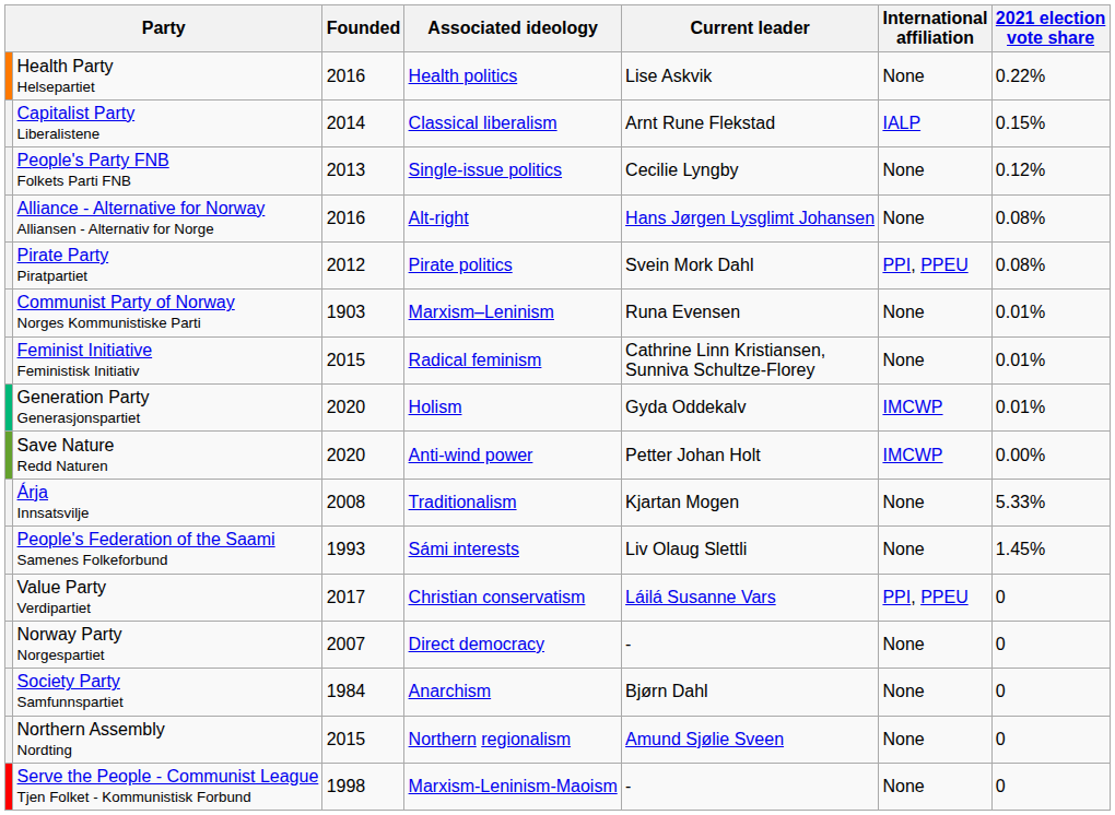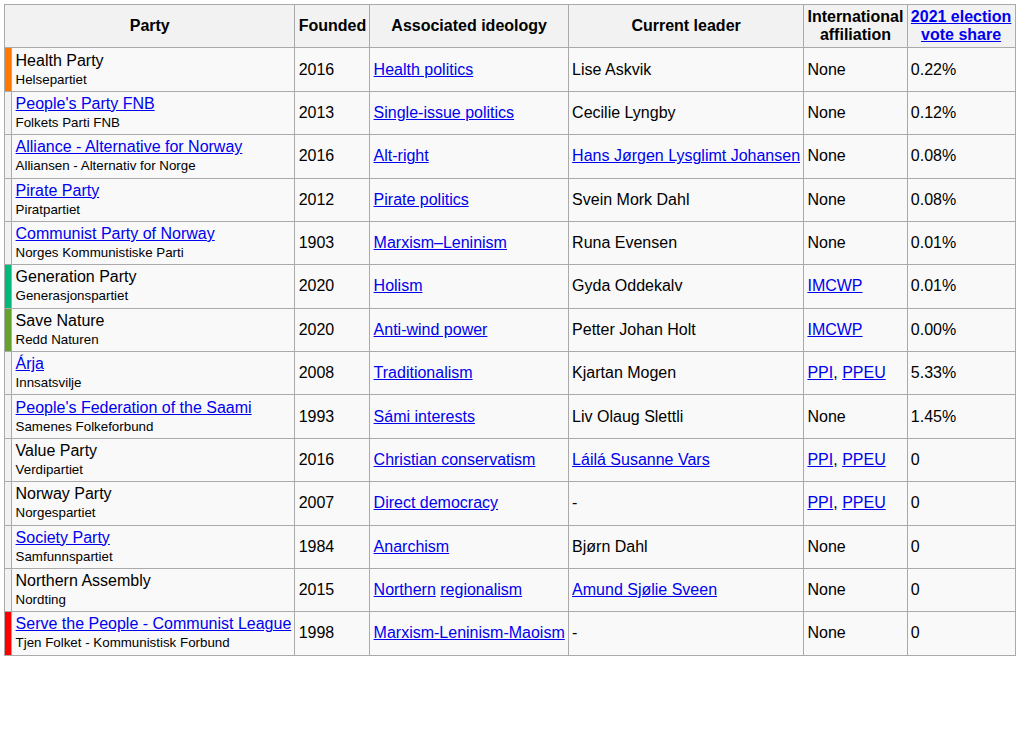 <table class="wikitable sortable">
 <tr>
 <th colspan="2">Party</th>
 <th>Founded</th>
 <th>Associated ideology</th>
 <th>Current leader</th>
 <th>International<br>affiliation</th>
 <th><a href='#'>2021 election<br>vote share</a></th>
 </tr>
 <tr>
 <th style="background-color:#FF7900"></th>
 <td>Health Party<br><small>Helsepartiet</small></td>
 <td>2016</td>
 <td><a href='#'>Health politics</a></td>
 <td>Lise Askvik</td>
 <td>None</td>
 <td>0.22%</td>
-</tr>
-<tr>
-<th style="background-color: "></th>
-<td><a href='#'>Capitalist Party</a><br><small>Liberalistene</small></td>
-<td>2014</td>
-<td><a href='#'>Classical liberalism</a></td>
-<td>Arnt Rune Flekstad</td>
-<td><a href='#'>IALP</a></td>
-<td>0.15%</td>
 </tr>
 <tr>
 <th style="background-color: "></th>
 <td><a href='#'>People's Party FNB</a><br><small>Folkets Parti FNB</small></td>
 <td>2013</td>
 <td><a href='#'>Single-issue politics</a></td>
 <td>Cecilie Lyngby</td>
 <td>None</td>
 <td>0.12%</td>
 </tr>
 <tr>
 <th style="background-color: "></th>
 <td><a href='#'>Alliance - Alternative for Norway</a><br><small>Alliansen - Alternativ for Norge</small></td>
 <td>2016</td>
 <td><a href='#'>Alt-right</a></td>
 <td><a href='#'>Hans Jørgen Lysglimt Johansen</a></td>
 <td>None</td>
 <td>0.08%</td>
 </tr>
 <tr>
 <th style="background-color: "></th>
 <td><a href='#'>Pirate Party</a><br><small>Piratpartiet</small></td>
 <td>2012</td>
 <td><a href='#'>Pirate politics</a></td>
 <td>Svein Mork Dahl</td>
-<td><a href='#'>PPI</a>, <a href='#'>PPEU</a></td>
+<td>None</td>
 <td>0.08%</td>
 </tr>
 <tr>
 <th style="background-color: "></th>
 <td><a href='#'>Communist Party of Norway</a><br><small>Norges Kommunistiske Parti</small></td>
 <td>1903</td>
 <td><a href='#'>Marxism–Leninism</a></td>
 <td>Runa Evensen</td>
-<td>None</td>
-<td>0.01%</td>
-</tr>
-<tr>
-<th style="background-color: "></th>
-<td><a href='#'>Feminist Initiative</a><br><small>Feministisk Initiativ</small></td>
-<td>2015</td>
-<td><a href='#'>Radical feminism</a></td>
-<td>Cathrine Linn Kristiansen,<br>Sunniva Schultze-Florey</td>
 <td>None</td>
 <td>0.01%</td>
 </tr>
 <tr>
 <th style="background-color:#00B878"></th>
 <td>Generation Party<br><small>Generasjonspartiet</small></td>
 <td>2020</td>
 <td><a href='#'>Holism</a></td>
 <td>Gyda Oddekalv</td>
 <td><a href='#'>IMCWP</a></td>
 <td>0.01%</td>
 </tr>
 <tr>
 <th style="background-color:#64A12D"></th>
 <td>Save Nature<br><small>Redd Naturen</small></td>
 <td>2020</td>
 <td><a href='#'>Anti-wind power</a></td>
 <td>Petter Johan Holt</td>
 <td><a href='#'>IMCWP</a></td>
 <td>0.00%</td>
 </tr>
 <tr>
 <th style="background-color: "></th>
 <td><a href='#'>Árja</a><br><small>Innsatsvilje</small></td>
 <td>2008</td>
 <td><a href='#'>Traditionalism</a></td>
 <td>Kjartan Mogen</td>
-<td>None</td>
+<td><a href='#'>PPI</a>, <a href='#'>PPEU</a></td>
 <td>5.33% </td>
 </tr>
 <tr>
 <th style="background-color: "></th>
 <td><a href='#'>People's Federation of the Saami</a><br><small>Samenes Folkeforbund</small></td>
 <td>1993</td>
 <td><a href='#'>Sámi interests</a></td>
 <td>Liv Olaug Slettli</td>
 <td>None</td>
 <td>1.45% </td>
 </tr>
 <tr>
 <th style="background-color:"></th>
 <td>Value Party<br><small>Verdipartiet</small></td>
-<td>2017</td>
+<td>2016</td>
 <td><a href='#'>Christian conservatism</a></td>
 <td><a href='#'>Láilá Susanne Vars</a></td>
 <td><a href='#'>PPI</a>, <a href='#'>PPEU</a></td>
 <td>0 </td>
 </tr>
 <tr>
 <th style="background-color:"></th>
 <td>Norway Party<br><small>Norgespartiet</small></td>
 <td>2007</td>
 <td><a href='#'>Direct democracy</a></td>
 <td>-</td>
-<td>None</td>
+<td><a href='#'>PPI</a>, <a href='#'>PPEU</a></td>
 <td>0 </td>
 </tr>
 <tr>
 <th style="background-color: "></th>
 <td><a href='#'>Society Party</a><br><small>Samfunnspartiet</small></td>
 <td>1984</td>
 <td><a href='#'>Anarchism</a></td>
 <td>Bjørn Dahl</td>
 <td>None</td>
 <td>0 </td>
 </tr>
 <tr>
 <th style="background-color:"></th>
 <td>Northern Assembly<br><small>Nordting</small></td>
 <td>2015</td>
 <td><a href='#'>Northern</a> <a href='#'>regionalism</a></td>
 <td><a href='#'>Amund Sjølie Sveen</a></td>
 <td>None</td>
 <td>0 </td>
 </tr>
 <tr>
 <th style="background-color:Red"></th>
 <td><a href='#'>Serve the People - Communist League</a><br><small>Tjen Folket - Kommunistisk Forbund</small></td>
 <td>1998</td>
 <td><a href='#'>Marxism-Leninism-Maoism</a></td>
 <td>-</td>
 <td>None</td>
 <td>0 </td>
 </tr>
 </table>
